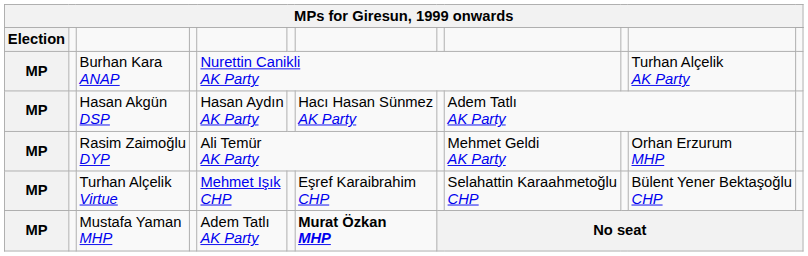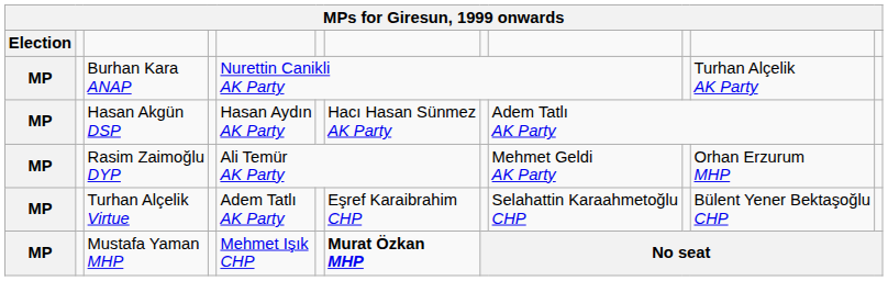 <table class="wikitable">
 <tr>
 <th colspan = 12>MPs for Giresun, 1999 onwards</th>
 </tr>
 <tr>
 <th rowspan = 2>Election</th>
 <td rowspan="2" style="width:1px;"></td>
 <td rowspan = 2></td>
 <td rowspan="2" style="width:1px;"></td>
 <td rowspan = 2></td>
 <td rowspan="2" style="width:1px;"></td>
 <td rowspan = 2></td>
 <td rowspan="2" style="width:1px;"></td>
 <td rowspan = 2></td>
 <td rowspan="2" style="width:1px;"></td>
 <td rowspan = 2></td>
 </tr>
 <tr>
 <td></td>
 </tr>
 <tr>
 <th>MP</th>
 <td width=1px style="background-color: "></td>
 <td colspan = 1>Burhan Kara<br><em><a href='#'>ANAP</a></em></td>
 <td width=1px style="background-color: "></td>
 <td colspan = 5><a href='#'>Nurettin Canikli</a><br><em><a href='#'>AK Party</a></em></td>
 <td width=1px style="background-color: "></td>
 <td colspan = 1>Turhan Alçelik<br><em><a href='#'>AK Party</a></em></td>
 <td width=1px style="background-color: "></td>
 </tr>
 <tr>
 <th>MP</th>
 <td width=1px style="background-color: "></td>
 <td colspan = 1>Hasan Akgün<br><em><a href='#'>DSP</a></em></td>
 <td width=1px style="background-color: "></td>
 <td colspan = 1>Hasan Aydın<br><em><a href='#'>AK Party</a></em></td>
 <td width=1px style="background-color: "></td>
 <td colspan = 1>Hacı Hasan Sünmez<br><em><a href='#'>AK Party</a></em></td>
 <td width=1px style="background-color: "></td>
 <td colspan = 3>Adem Tatlı<br><em><a href='#'>AK Party</a></em></td>
 <td width=1px style="background-color: "></td>
 </tr>
 <tr>
 <th>MP</th>
 <td width=1px style="background-color: "></td>
 <td colspan = 1>Rasim Zaimoğlu<br><em><a href='#'>DYP</a></em></td>
 <td width=1px style="background-color: "></td>
 <td colspan = 3>Ali Temür<br><em><a href='#'>AK Party</a></em></td>
 <td width=1px style="background-color: "></td>
 <td colspan = 1>Mehmet Geldi<br><em><a href='#'>AK Party</a></em></td>
 <td width=1px style="background-color: "></td>
 <td colspan = 1>Orhan Erzurum<br><em><a href='#'>MHP</a></em></td>
 <td width=1px style="background-color: "></td>
 </tr>
 <tr>
 <th>MP</th>
 <td width=1px style="background-color: "></td>
 <td colspan = 1>Turhan Alçelik<br><em><a href='#'>Virtue</a></em></td>
 <td width=1px style="background-color: "></td>
-<td colspan = 1><a href='#'>Mehmet Işık</a><br><em><a href='#'>CHP</a></em></td>
+<td colspan = 1>Adem Tatlı<br><em><a href='#'>AK Party</a></em></td>
 <td width=1px style="background-color: "></td>
 <td colspan = 1>Eşref Karaibrahim<br><em><a href='#'>CHP</a></em></td>
 <td width=1px style="background-color: "></td>
 <td colspan = 1>Selahattin Karaahmetoğlu<br><em><a href='#'>CHP</a></em></td>
 <td width=1px style="background-color: "></td>
 <td colspan = 1>Bülent Yener Bektaşoğlu<br><em><a href='#'>CHP</a></em></td>
 <td width=1px style="background-color: "></td>
 </tr>
 <tr>
 <th>MP</th>
 <td width=1px style="background-color: "></td>
 <td colspan = 1>Mustafa Yaman<br><em><a href='#'>MHP</a></em></td>
 <td width=1px style="background-color: "></td>
-<td colspan = 1>Adem Tatlı<br><em><a href='#'>AK Party</a></em></td>
+<td colspan = 1><a href='#'>Mehmet Işık</a><br><em><a href='#'>CHP</a></em></td>
 <td width=1px style="background-color: "></td>
 <td colspan = 1><strong>Murat Özkan<br><em><a href='#'>MHP</a></em></strong></td>
 <th colspan = 5>No seat</th>
 </tr>
 </table>
